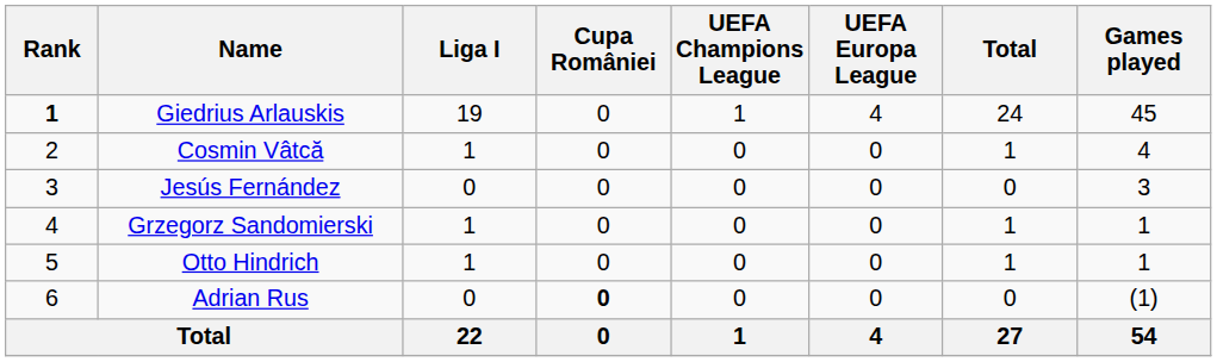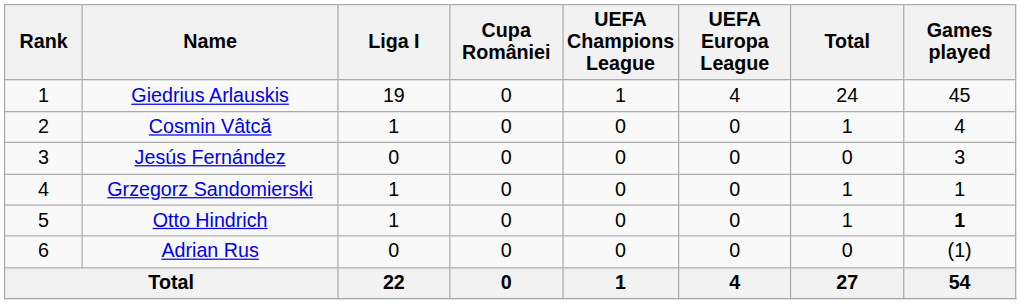 <table class="wikitable" style="text-align:center;">
 <tr>
 <th style="width:56px;">Rank</th>
 <th style="width:200px;">Name</th>
 <th style="width:84px;">Liga I</th>
 <th style="width:84px;">Cupa României</th>
 <th style="width:84px;">UEFA Champions League</th>
 <th style="width:84px;">UEFA Europa League</th>
 <th style="width:84px;">Total</th>
 <th style="width:84px;">Games played</th>
 </tr>
 <tr>
-<td><strong>1</strong></td>
+<td>1</td>
 <td> <a href='#'>Giedrius Arlauskis</a></td>
 <td>19</td>
 <td>0</td>
 <td>1</td>
 <td>4</td>
 <td>24</td>
 <td>45</td>
 </tr>
 <tr>
 <td>2</td>
 <td> <a href='#'>Cosmin Vâtcă</a></td>
 <td>1</td>
 <td>0</td>
 <td>0</td>
 <td>0</td>
 <td>1</td>
 <td>4</td>
 </tr>
 <tr>
 <td>3</td>
 <td> <a href='#'>Jesús Fernández</a></td>
 <td>0</td>
 <td>0</td>
 <td>0</td>
 <td>0</td>
 <td>0</td>
 <td>3</td>
 </tr>
 <tr>
 <td>4</td>
 <td> <a href='#'>Grzegorz Sandomierski</a></td>
 <td>1</td>
 <td>0</td>
 <td>0</td>
 <td>0</td>
 <td>1</td>
 <td>1</td>
 </tr>
 <tr>
 <td>5</td>
 <td> <a href='#'>Otto Hindrich</a></td>
 <td>1</td>
 <td>0</td>
 <td>0</td>
 <td>0</td>
 <td>1</td>
-<td>1</td>
+<td><strong>1</strong></td>
 </tr>
 <tr>
 <td>6</td>
 <td> <a href='#'>Adrian Rus</a></td>
 <td>0</td>
-<td><strong>0</strong></td>
+<td>0</td>
 <td>0</td>
 <td>0</td>
 <td>0</td>
 <td>(1)</td>
 </tr>
 <tr>
 <th colspan="2">Total</th>
 <th>22</th>
 <th>0</th>
 <th>1</th>
 <th>4</th>
 <th>27</th>
 <th>54</th>
 </tr>
 <tr>
 </tr>
 </table>
